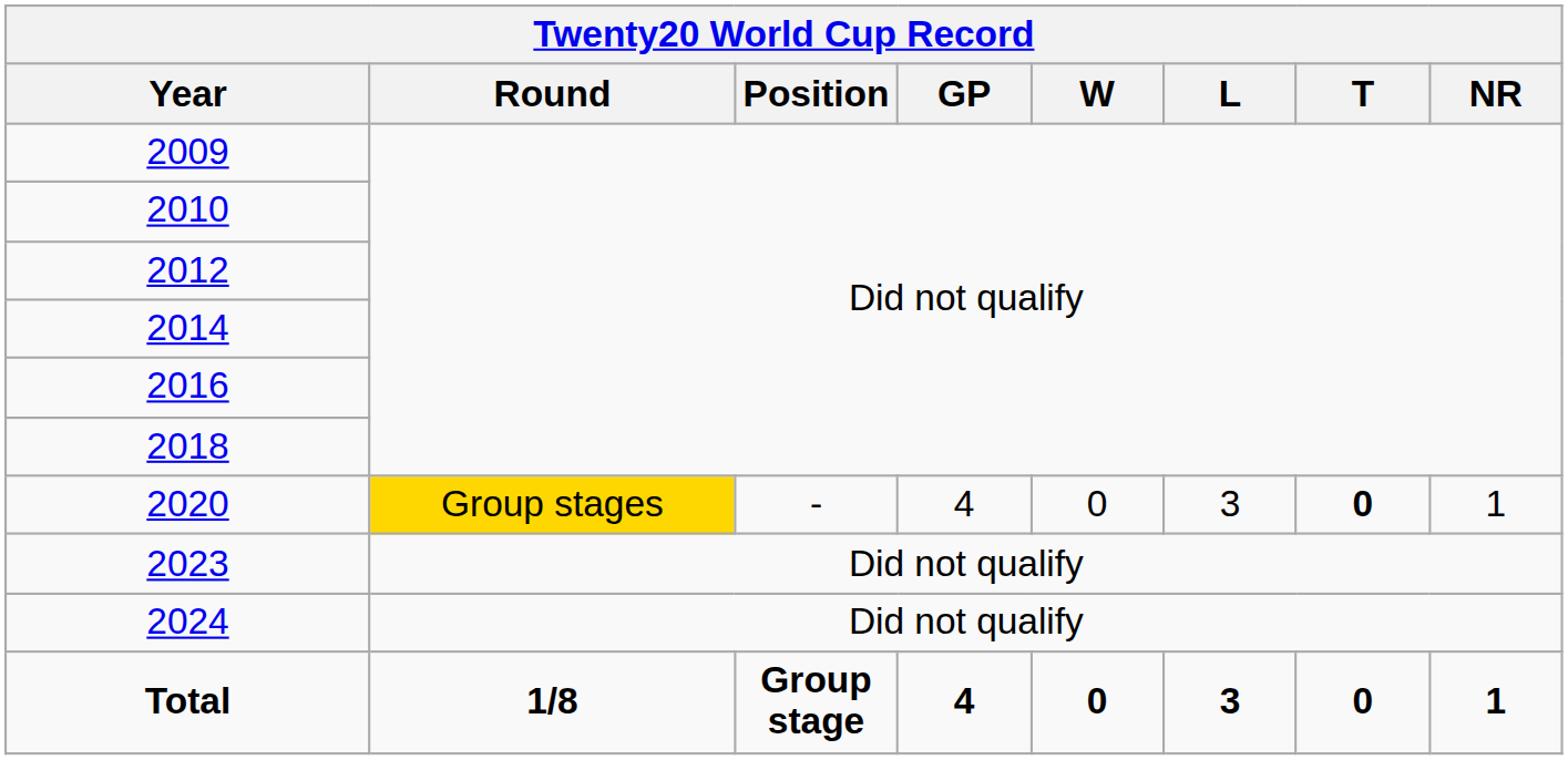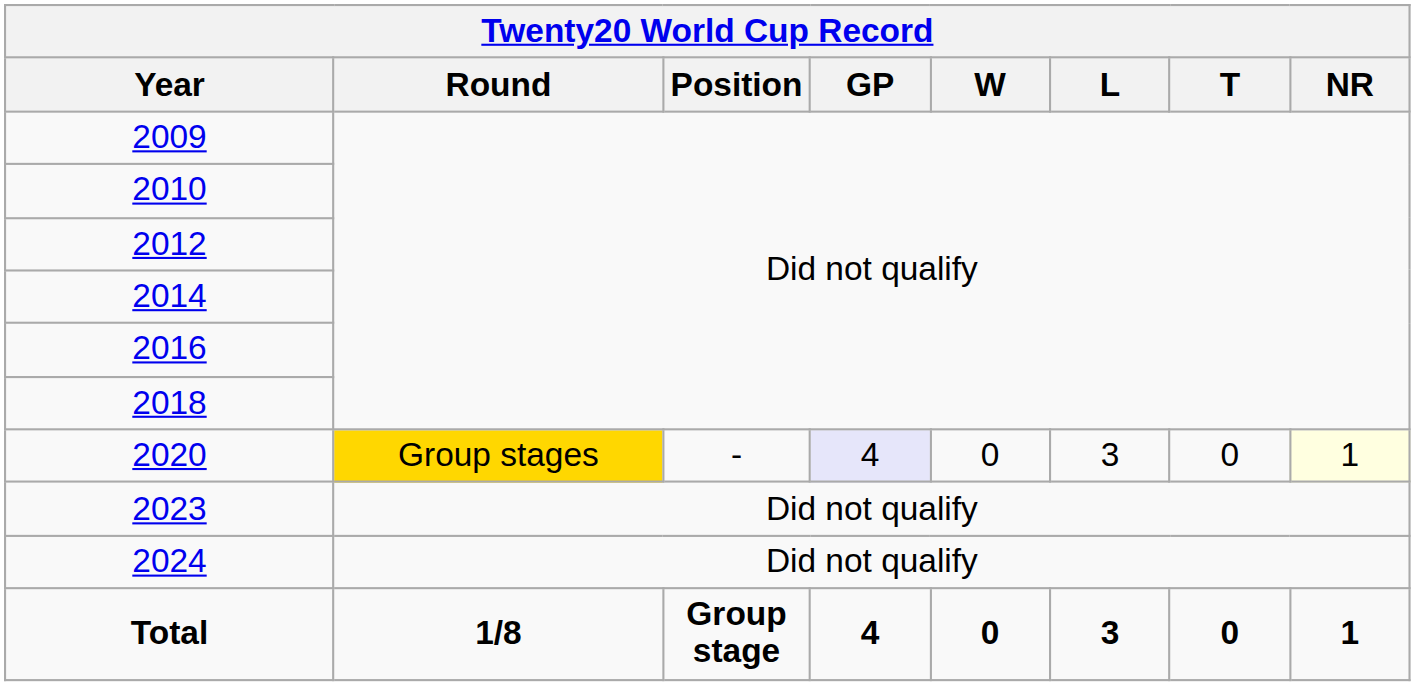 <table class="wikitable" style="text-align: center; width=900px;">
 <tr>
 <th colspan="8"><a href='#'>Twenty20 World Cup Record</a></th>
 </tr>
 <tr>
 <th width=150>Year</th>
 <th width=150>Round</th>
 <th width=50>Position</th>
 <th width=50>GP</th>
 <th width=50>W</th>
 <th width=50>L</th>
 <th width=50>T</th>
 <th width=50>NR</th>
 </tr>
 <tr>
 <td> <a href='#'>2009</a></td>
 <td colspan=7  rowspan=6>Did not qualify</td>
 </tr>
 <tr>
 <td> <a href='#'>2010</a></td>
 </tr>
 <tr>
 <td> <a href='#'>2012</a></td>
 </tr>
 <tr>
 <td> <a href='#'>2014</a></td>
 </tr>
 <tr>
 <td> <a href='#'>2016</a></td>
 </tr>
 <tr>
 <td> <a href='#'>2018</a></td>
 </tr>
 <tr>
 <td> <a href='#'>2020</a></td>
 <td style="background: gold;">Group stages</td>
 <td>-</td>
-<td>4</td>
+<td style="background: lavender;">4</td>
 <td>0</td>
 <td>3</td>
-<td><strong>0</strong></td>
-<td>1</td>
+<td>0</td>
+<td style="background: lightyellow;">1</td>
 </tr>
 <tr>
 <td> <a href='#'>2023</a></td>
 <td colspan=7  rowspan=1>Did not qualify</td>
 </tr>
 <tr>
 <td> <a href='#'>2024</a></td>
 <td colspan=7  rowspan=1>Did not qualify</td>
 </tr>
 <tr>
 <td><strong>Total</strong></td>
 <td><strong>1/8</strong></td>
 <td><strong>Group stage</strong></td>
 <td><strong>4</strong></td>
 <td><strong>0</strong></td>
 <td><strong>3</strong></td>
 <td><strong>0</strong></td>
 <td><strong>1</strong></td>
 </tr>
 </table>
